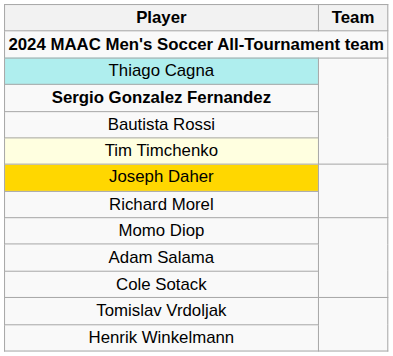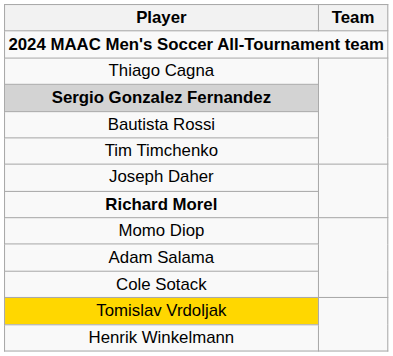 <table class="wikitable" style="white-space:nowrap; text-align: center;">
 <tr>
 <th>Player</th>
 <th>Team</th>
 </tr>
 <tr>
 <td colspan="2"><strong>2024 MAAC Men's Soccer All-Tournament team</strong></td>
 </tr>
 <tr>
-<td style="background: paleturquoise;">Thiago Cagna</td>
+<td>Thiago Cagna</td>
 <td rowspan=4></td>
 </tr>
 <tr>
-<td><strong>Sergio Gonzalez Fernandez</strong></td>
+<td style="background: lightgrey;"><strong>Sergio Gonzalez Fernandez</strong></td>
 </tr>
 <tr>
 <td>Bautista Rossi</td>
 </tr>
 <tr>
-<td style="background: lightyellow;">Tim Timchenko</td>
+<td>Tim Timchenko</td>
 </tr>
 <tr>
-<td style="background: gold;">Joseph Daher</td>
+<td>Joseph Daher</td>
 <td rowspan=2></td>
 </tr>
 <tr>
-<td>Richard Morel</td>
+<td><strong>Richard Morel</strong></td>
 </tr>
 <tr>
 <td>Momo Diop</td>
 <td rowspan=3></td>
 </tr>
 <tr>
 <td>Adam Salama</td>
 </tr>
 <tr>
 <td>Cole Sotack</td>
 </tr>
 <tr>
-<td>Tomislav Vrdoljak</td>
+<td style="background: gold;">Tomislav Vrdoljak</td>
 <td rowspan=2></td>
 </tr>
 <tr>
 <td>Henrik Winkelmann</td>
 </tr>
 </table>
